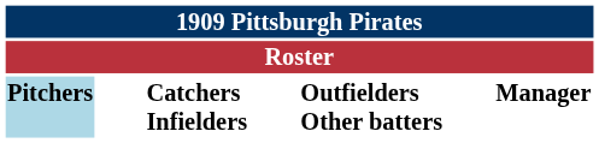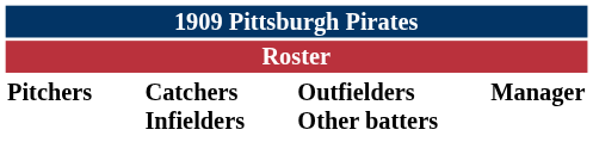 <table class="toccolours" style="font-size: 95%;">
 <tr>
 <th colspan="10" style="background-color: #023465; color: white; text-align: center;">1909 Pittsburgh Pirates</th>
 </tr>
 <tr>
 <td colspan="10" style="background-color: #ba313c; color: white; text-align: center;"><strong>Roster</strong></td>
 </tr>
 <tr>
-<td valign="top" style="background: lightblue;"><strong>Pitchers</strong><br>            </td>
+<td valign="top"><strong>Pitchers</strong><br>            </td>
 <td width="25px"></td>
 <td valign="top"><strong>Catchers</strong><br>   <strong>Infielders</strong>       </td>
 <td width="25px"></td>
 <td valign="top"><strong>Outfielders</strong><br>     <strong>Other batters</strong> </td>
 <td width="25px"></td>
 <td valign="top"><strong>Manager</strong><br></td>
 </tr>
 </table>
